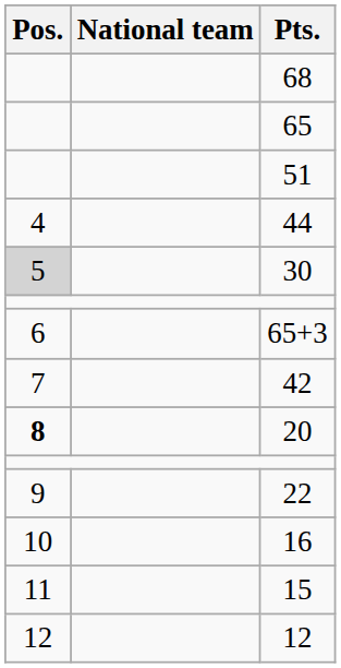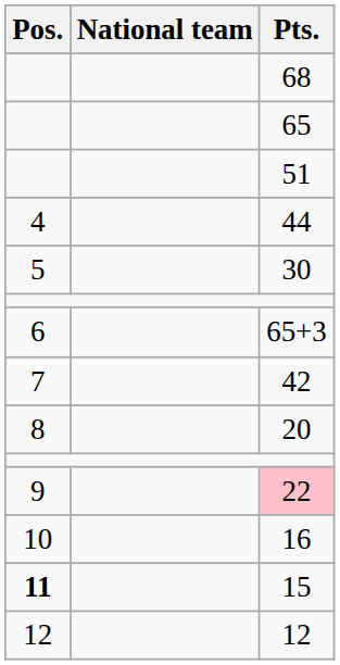 <table class=wikitable style="font-size: 95%">
 <tr>
 <th>Pos.</th>
 <th>National team</th>
 <th>Pts.</th>
 </tr>
 <tr align=center>
 <td></td>
 <td align=left></td>
 <td>68</td>
 </tr>
 <tr align=center>
 <td></td>
 <td align=left></td>
 <td>65</td>
 </tr>
 <tr align=center>
 <td></td>
 <td align=left></td>
 <td>51</td>
 </tr>
 <tr align=center>
 <td>4</td>
 <td align=left></td>
 <td>44</td>
 </tr>
 <tr align=center>
-<td style="background: lightgrey;">5</td>
+<td>5</td>
 <td align=left></td>
 <td>30</td>
 </tr>
 <tr>
 <td colspan=3 ></td>
 </tr>
 <tr align=center>
 <td>6</td>
 <td align=left></td>
 <td>65+3</td>
 </tr>
 <tr align=center>
 <td>7</td>
 <td align=left></td>
 <td>42</td>
 </tr>
 <tr align=center>
-<td><strong>8</strong></td>
+<td>8</td>
 <td align=left></td>
 <td>20</td>
 </tr>
 <tr>
 <td colspan=3 ></td>
 </tr>
 <tr align=center>
 <td>9</td>
 <td align=left></td>
-<td>22</td>
+<td style="background: pink;">22</td>
 </tr>
 <tr align=center>
 <td>10</td>
 <td align=left></td>
 <td>16</td>
 </tr>
 <tr align=center>
-<td>11</td>
+<td><strong>11</strong></td>
 <td align=left></td>
 <td>15</td>
 </tr>
 <tr align=center>
 <td>12</td>
 <td align=left></td>
 <td>12</td>
 </tr>
 </table>
